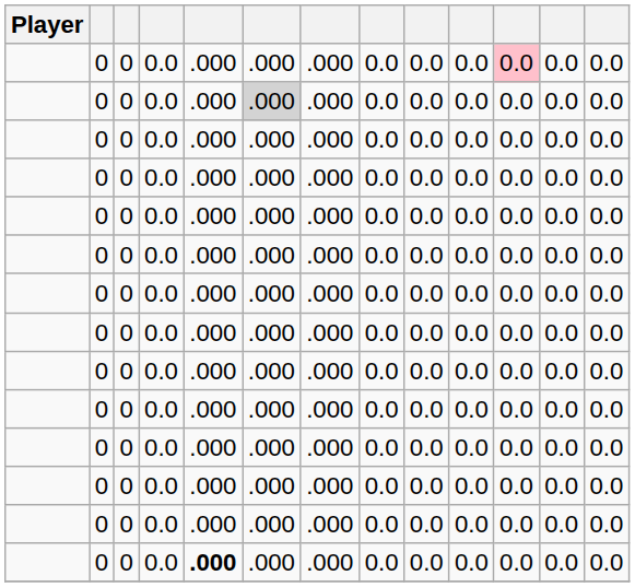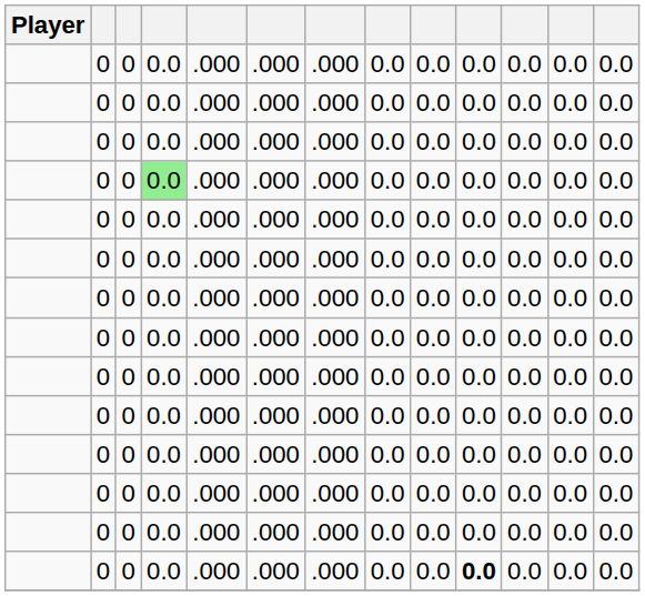 <table class="wikitable sortable" style="font-size:95%; text-align:right">
 <tr>
 <th>Player</th>
 <th></th>
 <th></th>
 <th></th>
 <th></th>
 <th></th>
 <th></th>
 <th></th>
 <th></th>
 <th></th>
 <th></th>
 <th></th>
 <th></th>
 </tr>
 <tr>
 <td><strong></strong></td>
 <td>0</td>
 <td>0</td>
 <td>0.0</td>
 <td>.000</td>
 <td>.000</td>
 <td>.000</td>
 <td>0.0</td>
 <td>0.0</td>
 <td>0.0</td>
-<td style="background: pink;">0.0</td>
+<td>0.0</td>
 <td>0.0</td>
 <td>0.0</td>
 </tr>
 <tr>
 <td><strong></strong></td>
 <td>0</td>
 <td>0</td>
 <td>0.0</td>
 <td>.000</td>
-<td style="background: lightgrey;">.000</td>
+<td>.000</td>
 <td>.000</td>
 <td>0.0</td>
 <td>0.0</td>
 <td>0.0</td>
 <td>0.0</td>
 <td>0.0</td>
 <td>0.0</td>
 </tr>
 <tr>
 <td><strong></strong></td>
 <td>0</td>
 <td>0</td>
 <td>0.0</td>
+<td>.000</td>
+<td>.000</td>
+<td>.000</td>
+<td>0.0</td>
+<td>0.0</td>
+<td>0.0</td>
+<td>0.0</td>
+<td>0.0</td>
+<td>0.0</td>
+</tr>
+<tr>
+<td><strong></strong></td>
+<td>0</td>
+<td>0</td>
+<td style="background: lightgreen;">0.0</td>
 <td>.000</td>
 <td>.000</td>
 <td>.000</td>
 <td>0.0</td>
 <td>0.0</td>
 <td>0.0</td>
 <td>0.0</td>
 <td>0.0</td>
 <td>0.0</td>
 </tr>
 <tr>
 <td><strong></strong></td>
 <td>0</td>
 <td>0</td>
 <td>0.0</td>
 <td>.000</td>
 <td>.000</td>
 <td>.000</td>
 <td>0.0</td>
 <td>0.0</td>
 <td>0.0</td>
 <td>0.0</td>
 <td>0.0</td>
 <td>0.0</td>
 </tr>
 <tr>
 <td><strong></strong></td>
 <td>0</td>
 <td>0</td>
 <td>0.0</td>
 <td>.000</td>
 <td>.000</td>
 <td>.000</td>
 <td>0.0</td>
 <td>0.0</td>
 <td>0.0</td>
 <td>0.0</td>
 <td>0.0</td>
 <td>0.0</td>
 </tr>
 <tr>
 <td><strong></strong></td>
 <td>0</td>
 <td>0</td>
 <td>0.0</td>
 <td>.000</td>
 <td>.000</td>
 <td>.000</td>
 <td>0.0</td>
 <td>0.0</td>
 <td>0.0</td>
 <td>0.0</td>
 <td>0.0</td>
 <td>0.0</td>
 </tr>
 <tr>
 <td><strong></strong></td>
 <td>0</td>
 <td>0</td>
 <td>0.0</td>
 <td>.000</td>
 <td>.000</td>
 <td>.000</td>
 <td>0.0</td>
 <td>0.0</td>
 <td>0.0</td>
 <td>0.0</td>
 <td>0.0</td>
 <td>0.0</td>
 </tr>
 <tr>
 <td><strong></strong></td>
 <td>0</td>
 <td>0</td>
 <td>0.0</td>
 <td>.000</td>
 <td>.000</td>
 <td>.000</td>
 <td>0.0</td>
 <td>0.0</td>
 <td>0.0</td>
 <td>0.0</td>
 <td>0.0</td>
 <td>0.0</td>
 </tr>
 <tr>
 <td><strong></strong></td>
 <td>0</td>
 <td>0</td>
 <td>0.0</td>
 <td>.000</td>
 <td>.000</td>
 <td>.000</td>
 <td>0.0</td>
 <td>0.0</td>
 <td>0.0</td>
 <td>0.0</td>
 <td>0.0</td>
 <td>0.0</td>
 </tr>
 <tr>
 <td><strong></strong></td>
 <td>0</td>
 <td>0</td>
 <td>0.0</td>
 <td>.000</td>
 <td>.000</td>
 <td>.000</td>
 <td>0.0</td>
 <td>0.0</td>
 <td>0.0</td>
 <td>0.0</td>
 <td>0.0</td>
 <td>0.0</td>
 </tr>
 <tr>
 <td><strong></strong></td>
 <td>0</td>
 <td>0</td>
 <td>0.0</td>
 <td>.000</td>
 <td>.000</td>
 <td>.000</td>
 <td>0.0</td>
 <td>0.0</td>
 <td>0.0</td>
 <td>0.0</td>
 <td>0.0</td>
 <td>0.0</td>
 </tr>
 <tr>
 <td><strong></strong></td>
 <td>0</td>
 <td>0</td>
 <td>0.0</td>
 <td>.000</td>
 <td>.000</td>
 <td>.000</td>
 <td>0.0</td>
 <td>0.0</td>
 <td>0.0</td>
 <td>0.0</td>
 <td>0.0</td>
 <td>0.0</td>
 </tr>
 <tr>
 <td><strong></strong></td>
 <td>0</td>
 <td>0</td>
 <td>0.0</td>
 <td>.000</td>
 <td>.000</td>
 <td>.000</td>
 <td>0.0</td>
 <td>0.0</td>
-<td>0.0</td>
-<td>0.0</td>
-<td>0.0</td>
-<td>0.0</td>
-</tr>
-<tr>
-<td><strong></strong></td>
-<td>0</td>
-<td>0</td>
-<td>0.0</td>
-<td><strong>.000</strong></td>
-<td>.000</td>
-<td>.000</td>
-<td>0.0</td>
-<td>0.0</td>
-<td>0.0</td>
+<td><strong>0.0</strong></td>
 <td>0.0</td>
 <td>0.0</td>
 <td>0.0</td>
 </tr>
 <tr>
 </tr>
 </table>
